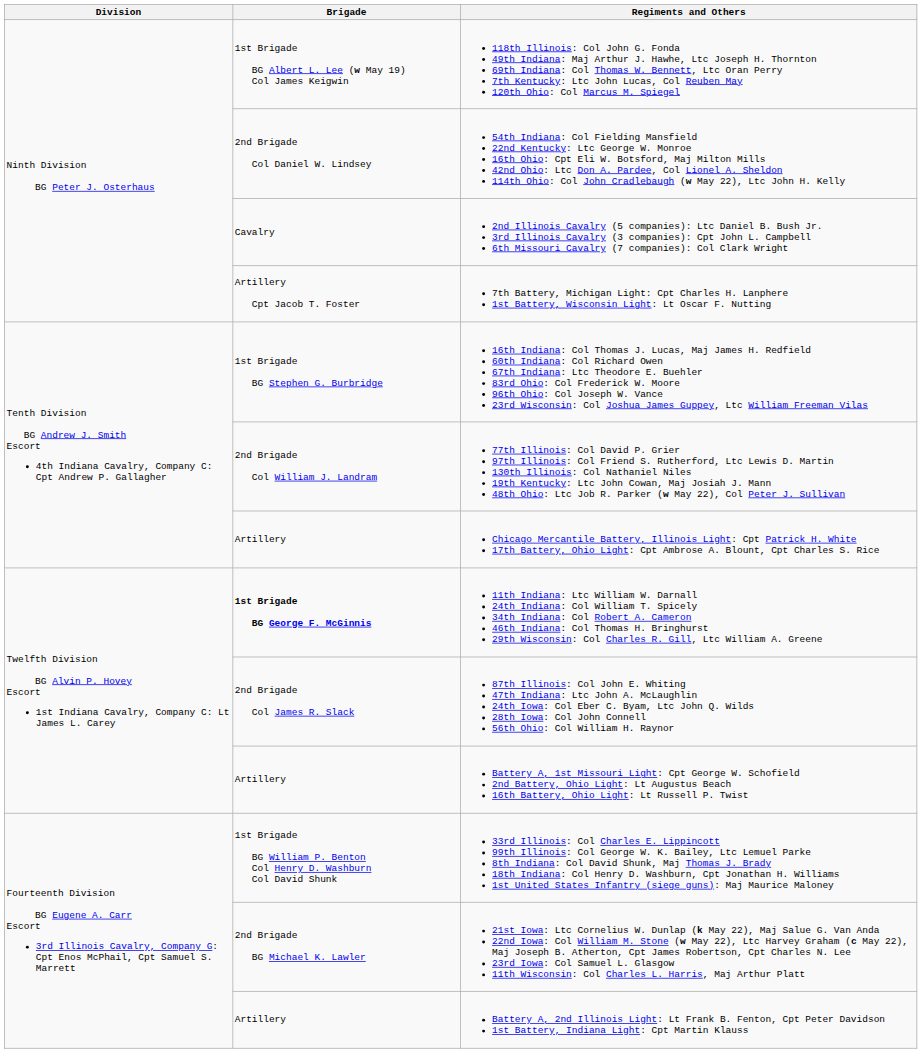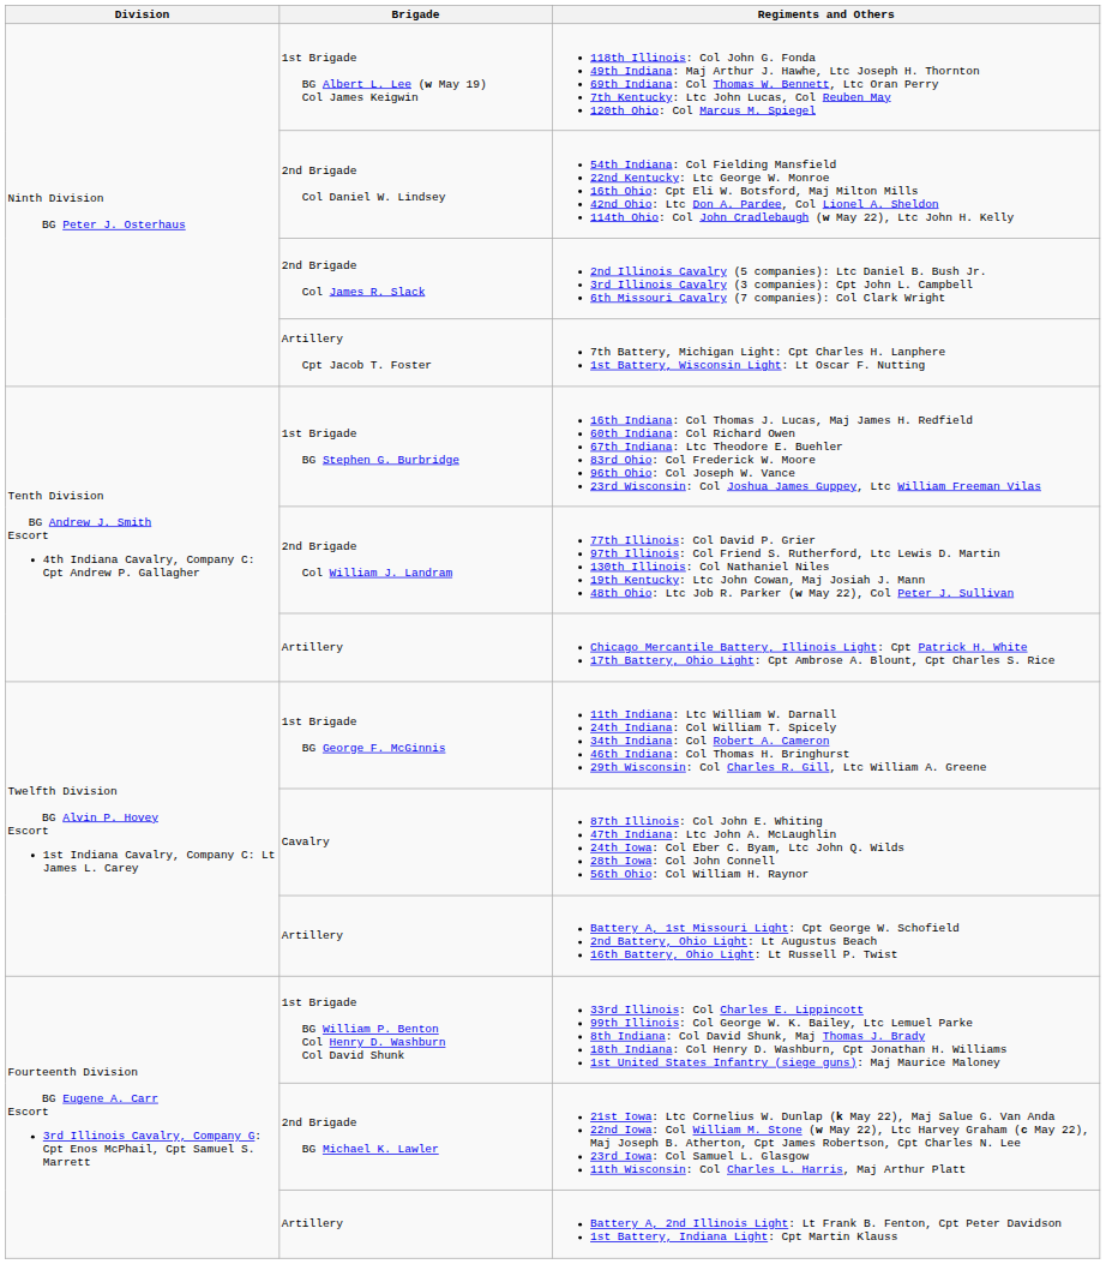 <table class="wikitable">
 <tr>
 <th width=25%>Division</th>
 <th width=25%>Brigade</th>
 <th>Regiments and Others</th>
 </tr>
 <tr>
 <td rowspan= 4><br>Ninth Division<br><br>     BG <a href='#'>Peter J. Osterhaus</a></td>
 <td>1st Brigade<br><br>   BG <a href='#'>Albert L. Lee</a> (<strong>w</strong> May 19) <br>   Col James Keigwin</td>
 <td><br><ul><li><a href='#'>118th Illinois</a>: Col John G. Fonda</li><li><a href='#'>49th Indiana</a>: Maj Arthur J. Hawhe, Ltc Joseph H. Thornton</li><li><a href='#'>69th Indiana</a>: Col <a href='#'>Thomas W. Bennett</a>, Ltc Oran Perry</li><li><a href='#'>7th Kentucky</a>: Ltc John Lucas, Col <a href='#'>Reuben May</a></li><li><a href='#'>120th Ohio</a>: Col <a href='#'>Marcus M. Spiegel</a></li></ul></td>
 </tr>
 <tr>
 <td>2nd Brigade<br><br>   Col Daniel W. Lindsey</td>
 <td><br><ul><li><a href='#'>54th Indiana</a>: Col Fielding Mansfield</li><li><a href='#'>22nd Kentucky</a>: Ltc George W. Monroe</li><li><a href='#'>16th Ohio</a>: Cpt Eli W. Botsford, Maj Milton Mills</li><li><a href='#'>42nd Ohio</a>: Ltc <a href='#'>Don A. Pardee</a>, Col <a href='#'>Lionel A. Sheldon</a></li><li><a href='#'>114th Ohio</a>: Col <a href='#'>John Cradlebaugh</a> (<strong>w</strong> May 22), Ltc John H. Kelly</li></ul></td>
 </tr>
 <tr>
-<td>Cavalry</td>
+<td>2nd Brigade<br><br>   Col <a href='#'>James R. Slack</a></td>
 <td><br><ul><li><a href='#'>2nd Illinois Cavalry</a> (5 companies): Ltc Daniel B. Bush Jr.</li><li><a href='#'>3rd Illinois Cavalry</a> (3 companies): Cpt John L. Campbell</li><li><a href='#'>6th Missouri Cavalry</a> (7 companies): Col Clark Wright</li></ul></td>
 </tr>
 <tr>
 <td>Artillery<br><br>   Cpt Jacob T. Foster</td>
 <td><br><ul><li>7th Battery, Michigan Light: Cpt Charles H. Lanphere</li><li><a href='#'>1st Battery, Wisconsin Light</a>: Lt Oscar F. Nutting</li></ul></td>
 </tr>
 <tr>
 <td rowspan=3><br>Tenth Division<br><br>   BG <a href='#'>Andrew J. Smith</a><br>Escort<ul><li>4th Indiana Cavalry, Company C: Cpt Andrew P. Gallagher</li></ul></td>
 <td>1st Brigade<br><br>   BG <a href='#'>Stephen G. Burbridge</a></td>
 <td><br><ul><li><a href='#'>16th Indiana</a>: Col Thomas J. Lucas, Maj James H. Redfield</li><li><a href='#'>60th Indiana</a>: Col Richard Owen</li><li><a href='#'>67th Indiana</a>: Ltc Theodore E. Buehler</li><li><a href='#'>83rd Ohio</a>: Col Frederick W. Moore</li><li><a href='#'>96th Ohio</a>: Col Joseph W. Vance</li><li><a href='#'>23rd Wisconsin</a>: Col <a href='#'>Joshua James Guppey</a>, Ltc <a href='#'>William Freeman Vilas</a></li></ul></td>
 </tr>
 <tr>
 <td>2nd Brigade<br><br>   Col <a href='#'>William J. Landram</a></td>
 <td><br><ul><li><a href='#'>77th Illinois</a>: Col David P. Grier</li><li><a href='#'>97th Illinois</a>: Col Friend S. Rutherford, Ltc Lewis D. Martin</li><li><a href='#'>130th Illinois</a>: Col Nathaniel Niles</li><li><a href='#'>19th Kentucky</a>: Ltc John Cowan, Maj Josiah J. Mann</li><li><a href='#'>48th Ohio</a>: Ltc Job R. Parker (<strong>w</strong> May 22), Col <a href='#'>Peter J. Sullivan</a></li></ul></td>
 </tr>
 <tr>
 <td>Artillery</td>
 <td><br><ul><li><a href='#'>Chicago Mercantile Battery, Illinois Light</a>: Cpt <a href='#'>Patrick H. White</a></li><li><a href='#'>17th Battery, Ohio Light</a>: Cpt Ambrose A. Blount, Cpt Charles S. Rice</li></ul></td>
 </tr>
 <tr>
 <td rowspan=3><br>Twelfth Division<br><br>     BG <a href='#'>Alvin P. Hovey</a><br>Escort<ul><li>1st Indiana Cavalry, Company C: Lt James L. Carey</li></ul></td>
-<td><strong>1st Brigade<br><br>   BG <a href='#'>George F. McGinnis</a></strong></td>
+<td>1st Brigade<br><br>   BG <a href='#'>George F. McGinnis</a></td>
 <td><br><ul><li><a href='#'>11th Indiana</a>: Ltc William W. Darnall</li><li><a href='#'>24th Indiana</a>: Col William T. Spicely</li><li><a href='#'>34th Indiana</a>: Col <a href='#'>Robert A. Cameron</a></li><li><a href='#'>46th Indiana</a>: Col Thomas H. Bringhurst</li><li><a href='#'>29th Wisconsin</a>: Col <a href='#'>Charles R. Gill</a>, Ltc William A. Greene</li></ul></td>
 </tr>
 <tr>
-<td>2nd Brigade<br><br>   Col <a href='#'>James R. Slack</a></td>
+<td>Cavalry</td>
 <td><br><ul><li><a href='#'>87th Illinois</a>: Col John E. Whiting</li><li><a href='#'>47th Indiana</a>: Ltc John A. McLaughlin</li><li><a href='#'>24th Iowa</a>: Col Eber C. Byam, Ltc John Q. Wilds</li><li><a href='#'>28th Iowa</a>: Col John Connell</li><li><a href='#'>56th Ohio</a>: Col William H. Raynor</li></ul></td>
 </tr>
 <tr>
 <td>Artillery</td>
 <td><br><ul><li><a href='#'>Battery A, 1st Missouri Light</a>: Cpt George W. Schofield</li><li><a href='#'>2nd Battery, Ohio Light</a>: Lt Augustus Beach</li><li><a href='#'>16th Battery, Ohio Light</a>: Lt Russell P. Twist</li></ul></td>
 </tr>
 <tr>
 <td rowspan=3><br>Fourteenth Division<br><br>     BG <a href='#'>Eugene A. Carr</a><br>Escort<ul><li><a href='#'>3rd Illinois Cavalry, Company G</a>: Cpt Enos McPhail, Cpt Samuel S. Marrett</li></ul></td>
 <td>1st Brigade<br><br>   BG <a href='#'>William P. Benton</a> <br>   Col <a href='#'>Henry D. Washburn</a> <br>   Col David Shunk</td>
 <td><br><ul><li><a href='#'>33rd Illinois</a>: Col <a href='#'>Charles E. Lippincott</a></li><li><a href='#'>99th Illinois</a>: Col George W. K. Bailey, Ltc Lemuel Parke</li><li><a href='#'>8th Indiana</a>: Col David Shunk, Maj <a href='#'>Thomas J. Brady</a></li><li><a href='#'>18th Indiana</a>: Col Henry D. Washburn, Cpt Jonathan H. Williams</li><li><a href='#'>1st United States Infantry (siege guns)</a>: Maj Maurice Maloney</li></ul></td>
 </tr>
 <tr>
 <td>2nd Brigade<br><br>   BG <a href='#'>Michael K. Lawler</a></td>
 <td><br><ul><li><a href='#'>21st Iowa</a>: Ltc Cornelius W. Dunlap (<strong>k</strong> May 22), Maj Salue G. Van Anda</li><li><a href='#'>22nd Iowa</a>: Col <a href='#'>William M. Stone</a> (<strong>w</strong> May 22), Ltc Harvey Graham (<strong>c</strong> May 22), Maj Joseph B. Atherton, Cpt James Robertson, Cpt Charles N. Lee</li><li><a href='#'>23rd Iowa</a>: Col Samuel L. Glasgow</li><li><a href='#'>11th Wisconsin</a>: Col <a href='#'>Charles L. Harris</a>, Maj Arthur Platt</li></ul></td>
 </tr>
 <tr>
 <td>Artillery</td>
 <td><br><ul><li><a href='#'>Battery A, 2nd Illinois Light</a>: Lt Frank B. Fenton, Cpt Peter Davidson</li><li><a href='#'>1st Battery, Indiana Light</a>: Cpt Martin Klauss</li></ul></td>
 </tr>
 </table>
